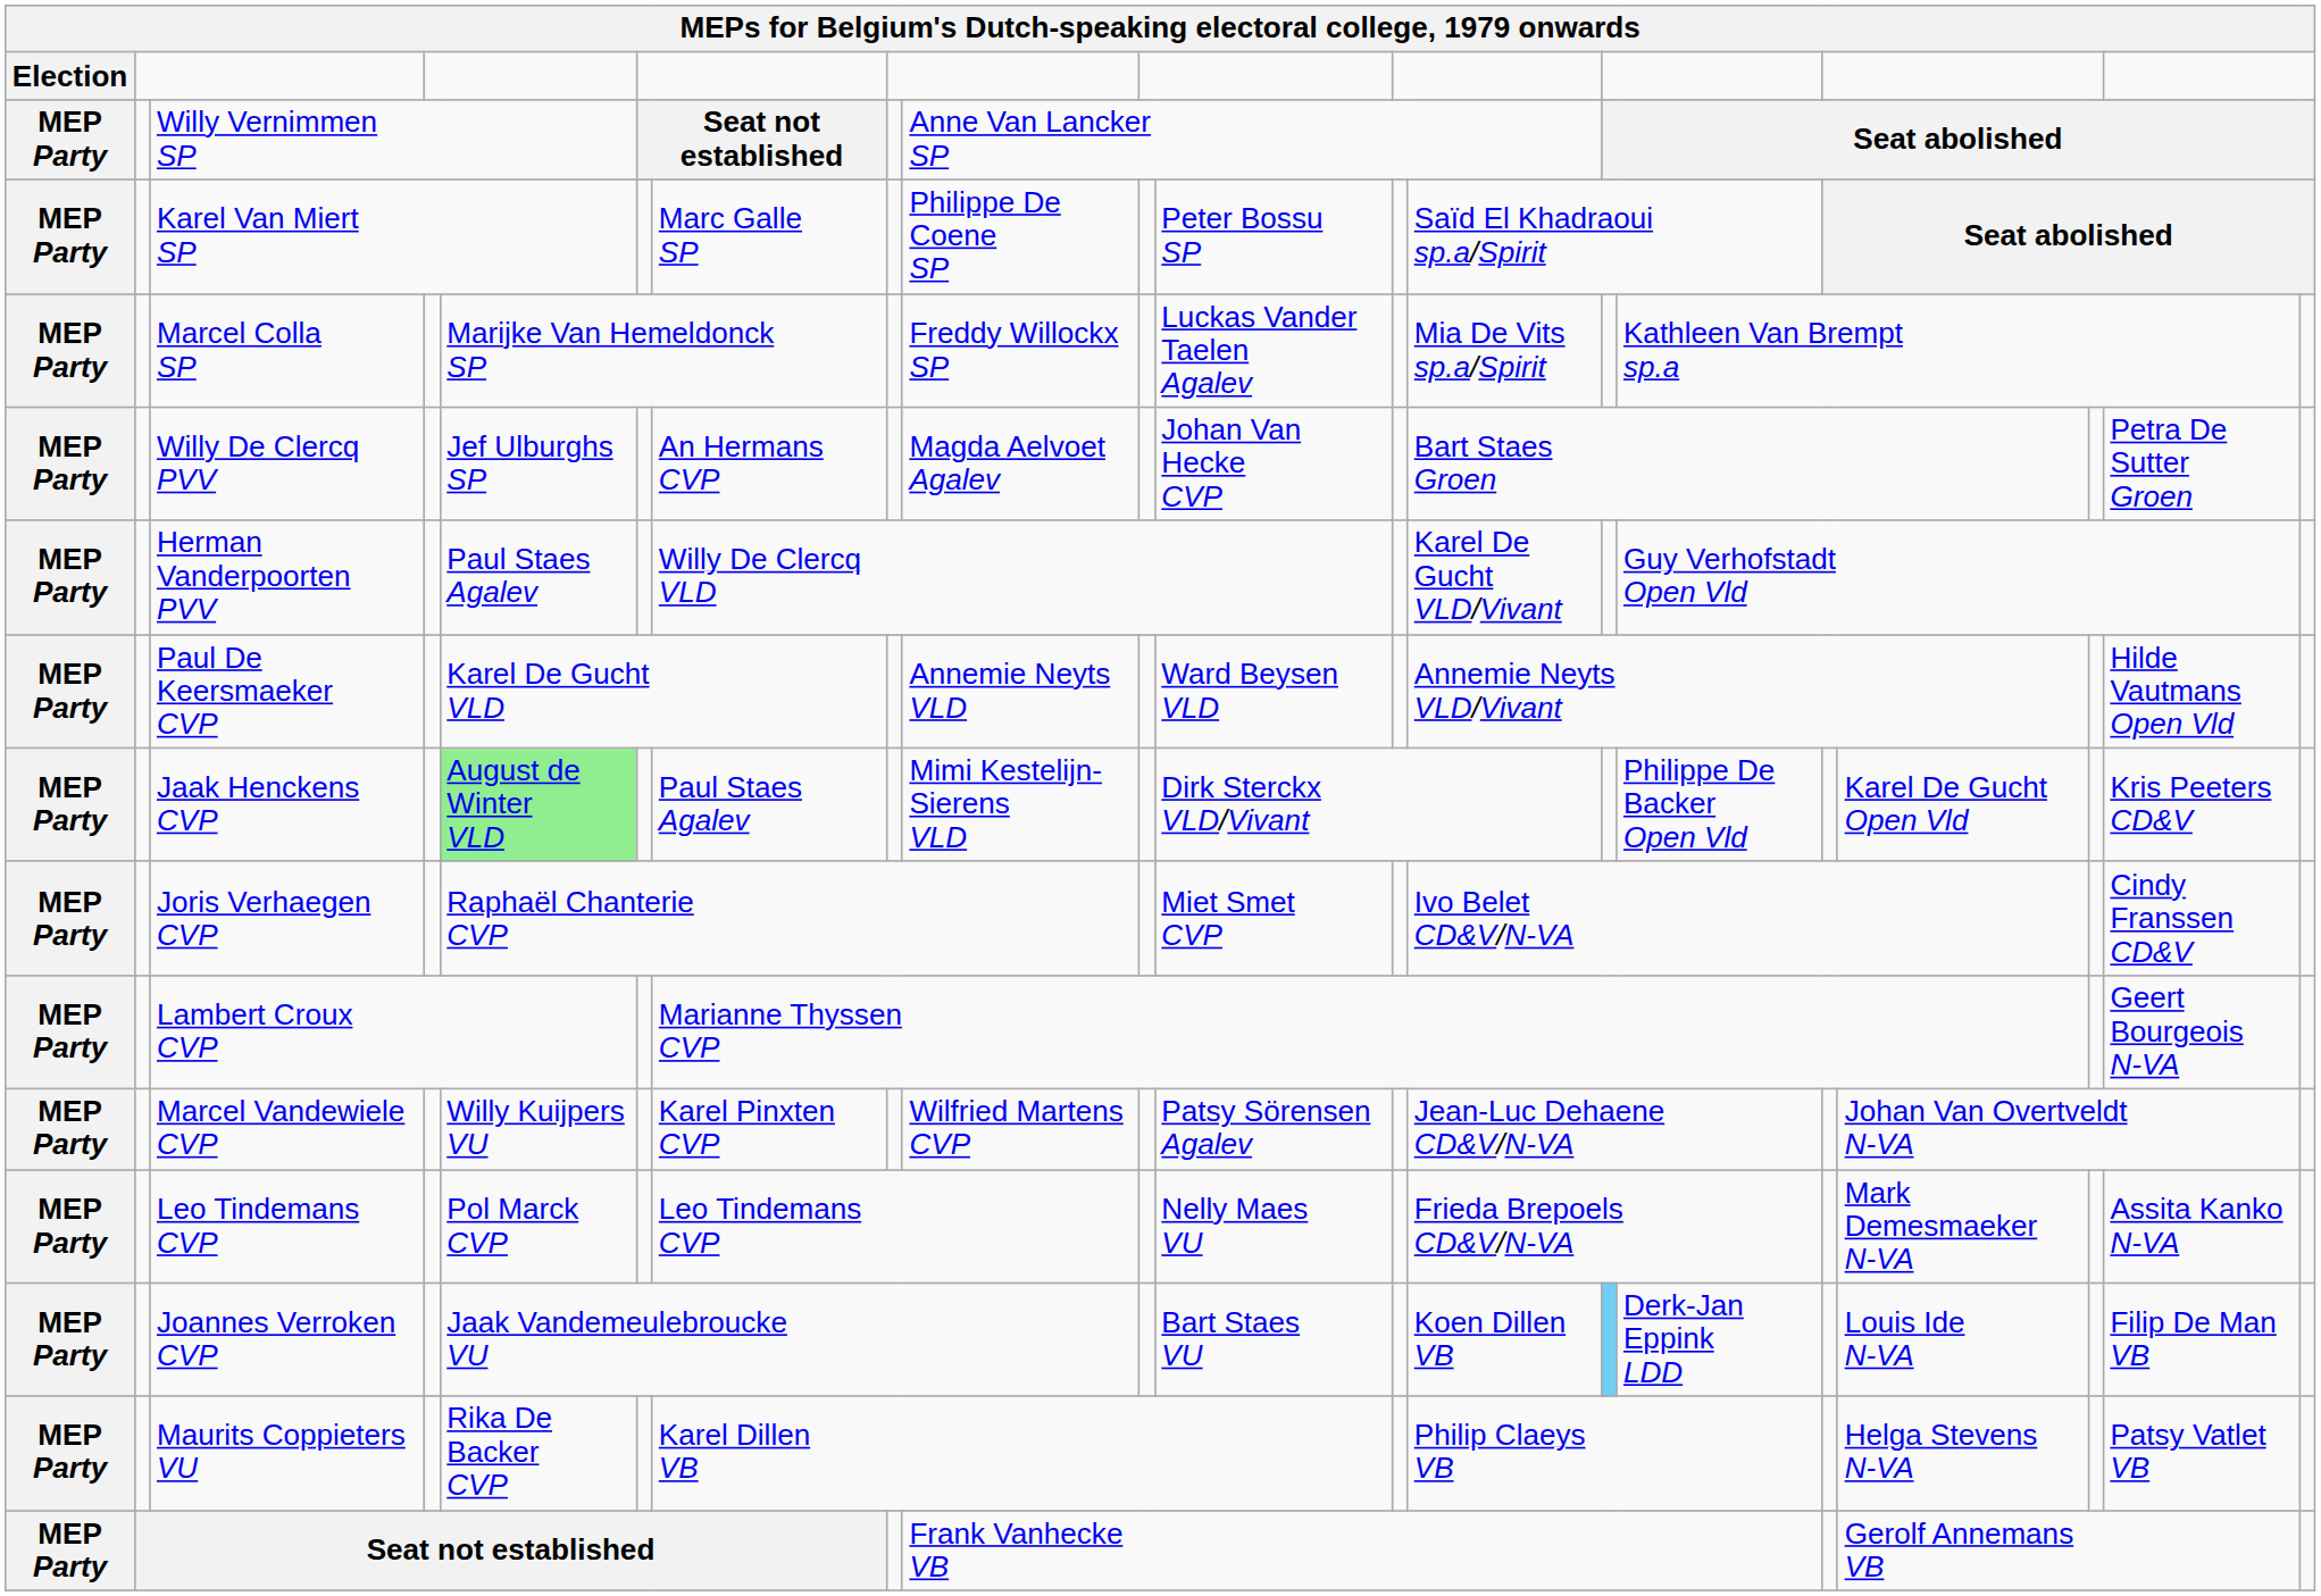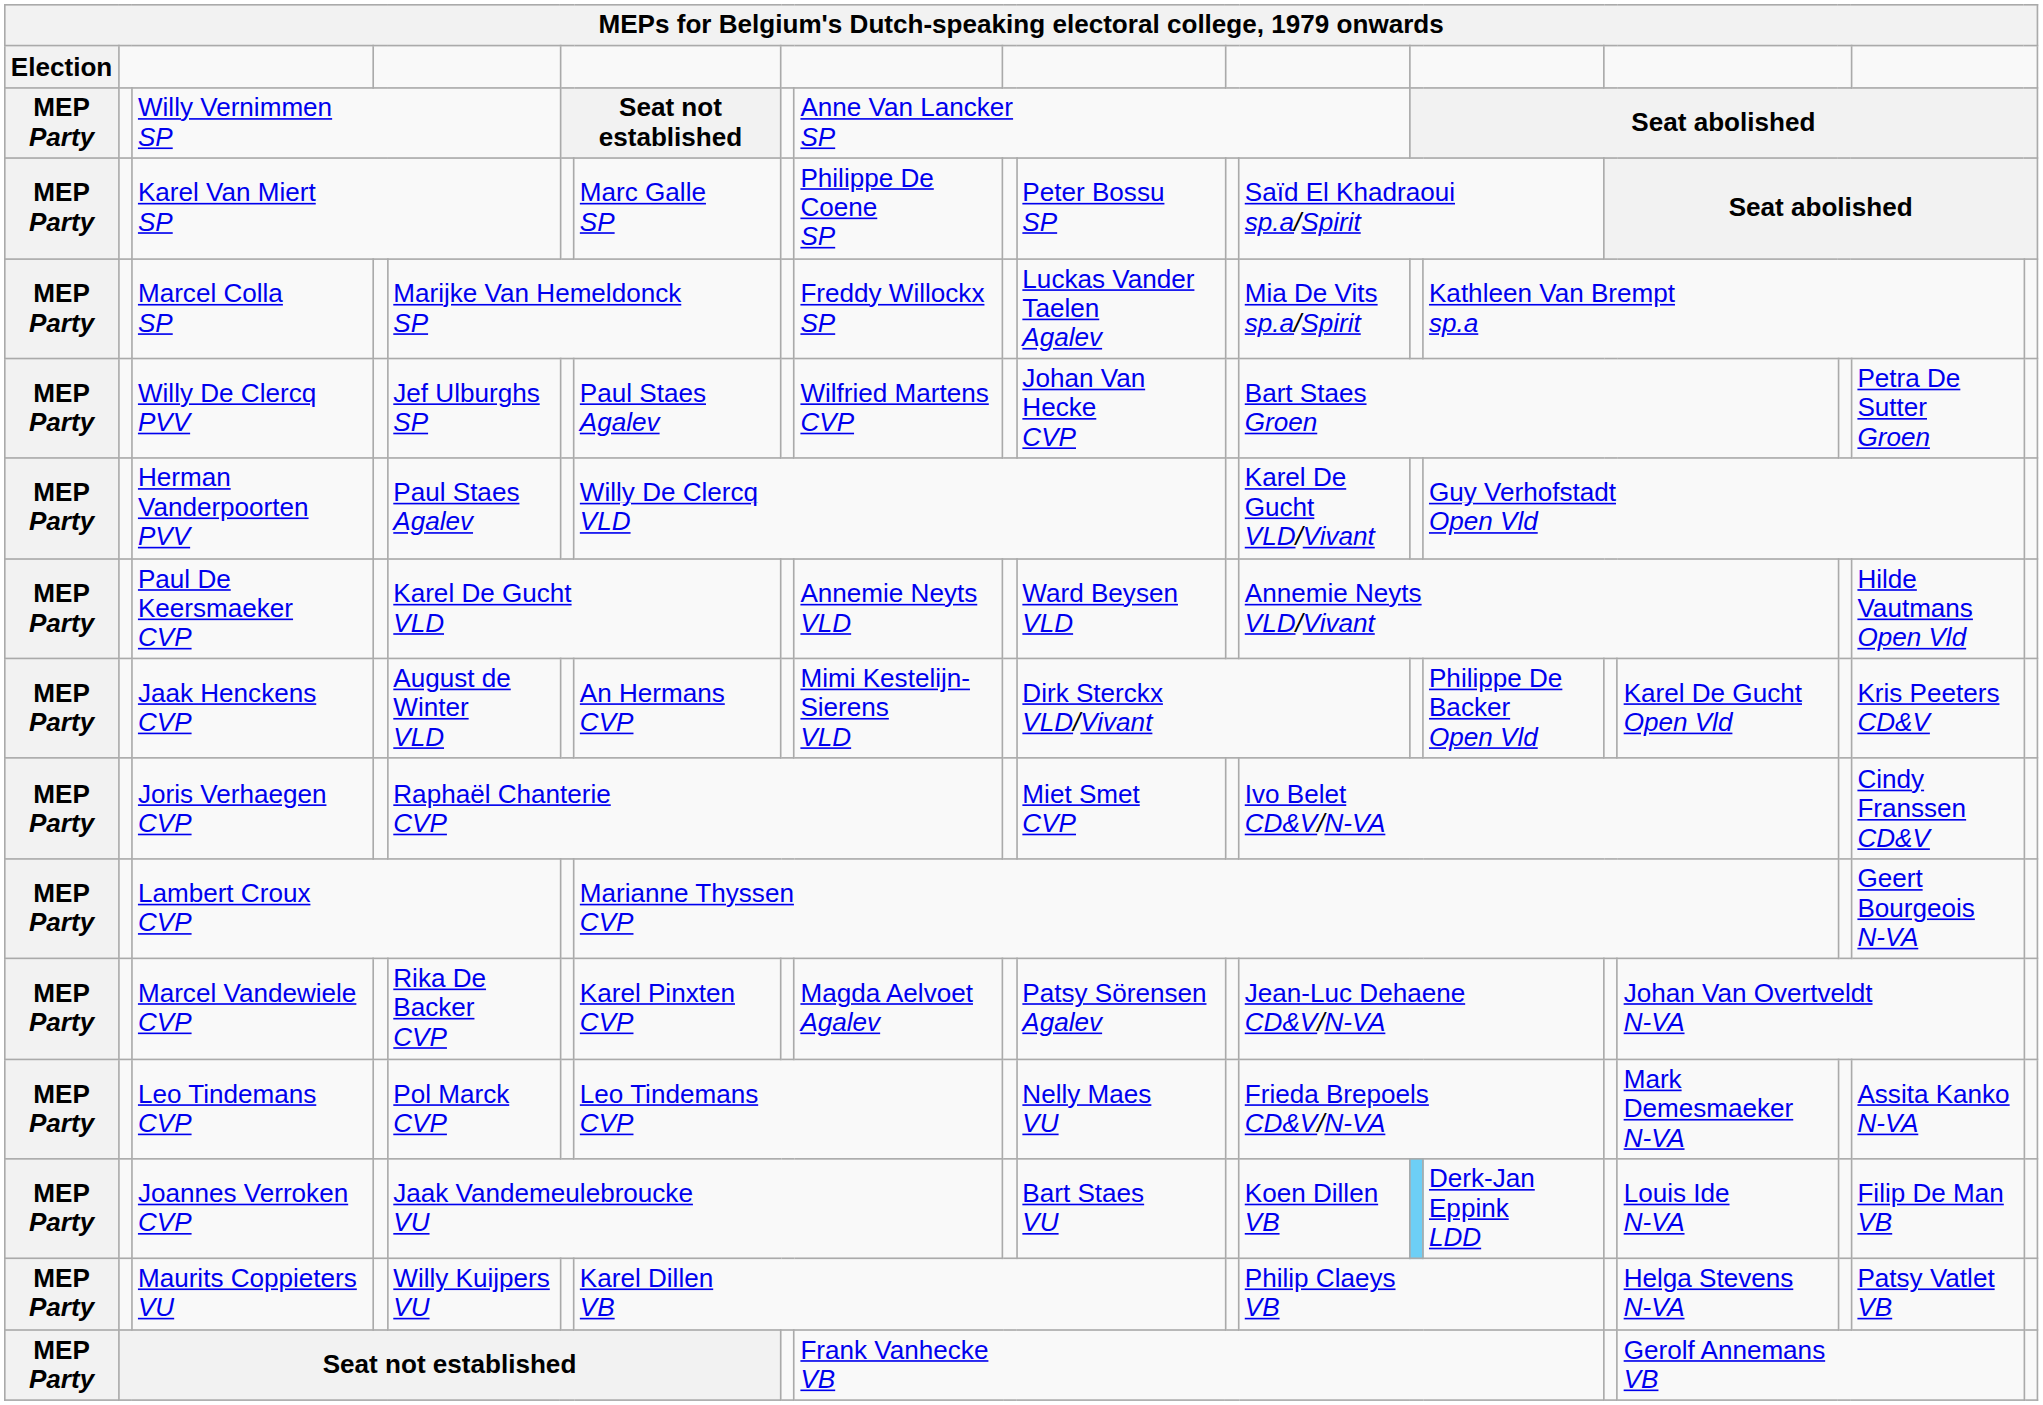 <table class="wikitable">
 <tr>
 <th colspan = 20>MEPs for Belgium's Dutch-speaking electoral college, 1979 onwards</th>
 </tr>
 <tr>
 <th>Election</th>
 <td colspan = 2></td>
 <td colspan = 2></td>
 <td colspan = 2></td>
 <td colspan = 2></td>
 <td colspan = 2></td>
 <td colspan = 2></td>
 <td colspan = 2></td>
 <td colspan = 3></td>
 <td colspan = 3></td>
 </tr>
 <tr>
 <th>MEP<br><em>Party</em></th>
 <td width=1px style="background-color: "></td>
 <td colspan = 3><a href='#'>Willy Vernimmen</a><br><em><a href='#'>SP</a></em></td>
 <th colspan = 2>Seat not established</th>
 <td width=1px style="background-color: "></td>
 <td colspan = 5><a href='#'>Anne Van Lancker</a><br><em><a href='#'>SP</a></em></td>
 <th colspan = 7>Seat abolished</th>
 </tr>
 <tr>
 <th>MEP<br><em>Party</em></th>
 <td width=1px style="background-color: "></td>
 <td colspan = 3><a href='#'>Karel Van Miert</a><br><em><a href='#'>SP</a></em></td>
 <td width=1px style="background-color: "></td>
 <td><a href='#'>Marc Galle</a><br><em><a href='#'>SP</a></em></td>
 <td width=1px style="background-color: "></td>
 <td><a href='#'>Philippe De Coene</a><br><em><a href='#'>SP</a></em></td>
 <td width=1px style="background-color: "></td>
 <td><a href='#'>Peter Bossu</a><br><em><a href='#'>SP</a></em></td>
 <td width=1px style="background-color: "></td>
 <td colspan = 3><a href='#'>Saïd El Khadraoui</a><br><em><a href='#'>sp.a</a>/<a href='#'>Spirit</a></em></td>
 <th colspan = 5>Seat abolished</th>
 </tr>
 <tr>
 <th>MEP<br><em>Party</em></th>
 <td width=1px style="background-color: "></td>
 <td><a href='#'>Marcel Colla</a><br><em><a href='#'>SP</a></em></td>
 <td width=1px style="background-color: "></td>
 <td colspan = 3><a href='#'>Marijke Van Hemeldonck</a><br><em><a href='#'>SP</a></em></td>
 <td width=1px style="background-color: "></td>
 <td><a href='#'>Freddy Willockx</a><br><em><a href='#'>SP</a></em></td>
 <td width=1px style="background-color: "></td>
 <td><a href='#'>Luckas Vander Taelen</a><br><em><a href='#'>Agalev</a></em></td>
 <td width=1px style="background-color: "></td>
 <td><a href='#'>Mia De Vits</a><br><em><a href='#'>sp.a</a>/<a href='#'>Spirit</a></em></td>
 <td width=1px style="background-color: "></td>
 <td colspan= 5><a href='#'>Kathleen Van Brempt</a><br><em><a href='#'>sp.a</a></em></td>
 <td width=1px style="background-color: "></td>
 </tr>
 <tr>
 <th>MEP<br><em>Party</em></th>
 <td width=1px style="background-color: "></td>
 <td><a href='#'>Willy De Clercq</a><br><em><a href='#'>PVV</a></em></td>
 <td width=1px style="background-color: "></td>
 <td><a href='#'>Jef Ulburghs</a><br><em><a href='#'>SP</a></em></td>
 <td width=1px style="background-color: "></td>
-<td><a href='#'>An Hermans</a><br><em><a href='#'>CVP</a></em></td>
+<td><a href='#'>Paul Staes</a><br><em><a href='#'>Agalev</a></em></td>
 <td width=1px style="background-color: "></td>
-<td><a href='#'>Magda Aelvoet</a><br><em><a href='#'>Agalev</a></em></td>
+<td><a href='#'>Wilfried Martens</a><br><em><a href='#'>CVP</a></em></td>
 <td width=1px style="background-color: "></td>
 <td><a href='#'>Johan Van Hecke</a><br><em><a href='#'>CVP</a></em></td>
 <td width=1px style="background-color: "></td>
 <td colspan = 5><a href='#'>Bart Staes</a><br><em><a href='#'>Groen</a></em></td>
 <td width=1px style="background-color: "></td>
 <td><a href='#'>Petra De Sutter</a><br><em><a href='#'>Groen</a></em></td>
 <td width=1px style="background-color: "></td>
 </tr>
 <tr>
 <th>MEP<br><em>Party</em></th>
 <td width=1px style="background-color: "></td>
 <td><a href='#'>Herman Vanderpoorten</a><br><em><a href='#'>PVV</a></em></td>
 <td width=1px style="background-color: "></td>
 <td><a href='#'>Paul Staes</a><br><em><a href='#'>Agalev</a></em></td>
 <td width=1px style="background-color: "></td>
 <td colspan= 5><a href='#'>Willy De Clercq</a><br><em><a href='#'>VLD</a></em></td>
 <td width=1px style="background-color: "></td>
 <td><a href='#'>Karel De Gucht</a><br><em><a href='#'>VLD</a>/<a href='#'>Vivant</a></em></td>
 <td width=1px style="background-color: "></td>
 <td colspan= 5><a href='#'>Guy Verhofstadt</a><br><em><a href='#'>Open Vld</a></em></td>
 <td width=1px style="background-color: "></td>
 </tr>
 <tr>
 <th>MEP<br><em>Party</em></th>
 <td width=1px style="background-color: "></td>
 <td><a href='#'>Paul De Keersmaeker</a><br><em><a href='#'>CVP</a></em></td>
 <td width=1px style="background-color: "></td>
 <td colspan = 3><a href='#'>Karel De Gucht</a><br><em><a href='#'>VLD</a></em></td>
 <td width=1px style="background-color: "></td>
 <td><a href='#'>Annemie Neyts</a><br><em><a href='#'>VLD</a></em></td>
 <td width=1px style="background-color: "></td>
 <td><a href='#'>Ward Beysen</a><br><em><a href='#'>VLD</a></em></td>
 <td width=1px style="background-color: "></td>
 <td colspan = 5><a href='#'>Annemie Neyts</a><br><em><a href='#'>VLD</a>/<a href='#'>Vivant</a></em></td>
 <td width=1px style="background-color: "></td>
 <td><a href='#'>Hilde Vautmans</a><br><em><a href='#'>Open Vld</a></em></td>
 <td width=1px style="background-color: "></td>
 </tr>
 <tr>
 <th>MEP<br><em>Party</em></th>
 <td width=1px style="background-color: "></td>
 <td><a href='#'>Jaak Henckens</a><br><em><a href='#'>CVP</a></em></td>
 <td width=1px style="background-color: "></td>
-<td style="background: lightgreen;"><a href='#'>August de Winter</a><br><em><a href='#'>VLD</a></em></td>
+<td><a href='#'>August de Winter</a><br><em><a href='#'>VLD</a></em></td>
 <td width=1px style="background-color: "></td>
-<td><a href='#'>Paul Staes</a><br><em><a href='#'>Agalev</a></em></td>
+<td><a href='#'>An Hermans</a><br><em><a href='#'>CVP</a></em></td>
 <td width=1px style="background-color: "></td>
 <td><a href='#'>Mimi Kestelijn-Sierens</a><br><em><a href='#'>VLD</a></em></td>
 <td width=1px style="background-color: "></td>
 <td colspan= 3><a href='#'>Dirk Sterckx</a><br><em><a href='#'>VLD</a>/<a href='#'>Vivant</a></em></td>
 <td width=1px style="background-color: "></td>
 <td><a href='#'>Philippe De Backer</a><br><em><a href='#'>Open Vld</a></em></td>
 <td width=1px style="background-color: "></td>
 <td><a href='#'>Karel De Gucht</a><br><em><a href='#'>Open Vld</a></em></td>
 <td width=1px style="background-color: "></td>
 <td><a href='#'>Kris Peeters</a><br><em><a href='#'>CD&V</a></em></td>
 <td width=1px style="background-color: "></td>
 </tr>
 <tr>
 <th>MEP<br><em>Party</em></th>
 <td width=1px style="background-color: "></td>
 <td><a href='#'>Joris Verhaegen</a><br><em><a href='#'>CVP</a></em></td>
 <td width=1px style="background-color: "></td>
 <td colspan = 5><a href='#'>Raphaël Chanterie</a><br><em><a href='#'>CVP</a></em></td>
 <td width=1px style="background-color: "></td>
 <td><a href='#'>Miet Smet</a><br><em><a href='#'>CVP</a></em></td>
 <td width=1px style="background-color: "></td>
 <td colspan = 5><a href='#'>Ivo Belet</a><br><em><a href='#'>CD&V</a>/<a href='#'>N-VA</a></em></td>
 <td width=1px style="background-color: "></td>
 <td><a href='#'>Cindy Franssen</a><br><em><a href='#'>CD&V</a></em></td>
 <td width=1px style="background-color: "></td>
 </tr>
 <tr>
 <th>MEP<br><em>Party</em></th>
 <td width=1px style="background-color: "></td>
 <td colspan = 3><a href='#'>Lambert Croux</a><br><em><a href='#'>CVP</a></em></td>
 <td width=1px style="background-color: "></td>
 <td colspan = 11><a href='#'>Marianne Thyssen</a><br><em><a href='#'>CVP</a></em></td>
 <td width=1px style="background-color: "></td>
 <td><a href='#'>Geert Bourgeois</a><br><em><a href='#'>N-VA</a></em></td>
 <td width=1px style="background-color: "></td>
 </tr>
 <tr>
 <th>MEP<br><em>Party</em></th>
 <td width=1px style="background-color: "></td>
 <td><a href='#'>Marcel Vandewiele</a><br><em><a href='#'>CVP</a></em></td>
 <td width=1px style="background-color: "></td>
-<td><a href='#'>Willy Kuijpers</a><br><em><a href='#'>VU</a></em></td>
+<td><a href='#'>Rika De Backer</a><br><em><a href='#'>CVP</a></em></td>
 <td width=1px style="background-color: "></td>
 <td><a href='#'>Karel Pinxten</a><br><em><a href='#'>CVP</a></em></td>
 <td width=1px style="background-color: "></td>
-<td><a href='#'>Wilfried Martens</a><br><em><a href='#'>CVP</a></em></td>
+<td><a href='#'>Magda Aelvoet</a><br><em><a href='#'>Agalev</a></em></td>
 <td width=1px style="background-color: "></td>
 <td><a href='#'>Patsy Sörensen</a><br><em><a href='#'>Agalev</a></em></td>
 <td width=1px style="background-color: "></td>
 <td colspan = 3><a href='#'>Jean-Luc Dehaene</a><br><em><a href='#'>CD&V</a>/<a href='#'>N-VA</a></em></td>
 <td width=1px style="background-color: "></td>
 <td colspan = 3><a href='#'>Johan Van Overtveldt</a><br><em><a href='#'>N-VA</a></em></td>
 <td width=1px style="background-color: "></td>
 </tr>
 <tr>
 <th>MEP<br><em>Party</em></th>
 <td width=1px style="background-color: "></td>
 <td><a href='#'>Leo Tindemans</a><br><em><a href='#'>CVP</a></em></td>
 <td width=1px style="background-color: "></td>
 <td><a href='#'>Pol Marck</a><br><em><a href='#'>CVP</a></em></td>
 <td width=1px style="background-color: "></td>
 <td colspan= 3><a href='#'>Leo Tindemans</a><br><em><a href='#'>CVP</a></em></td>
 <td width=1px style="background-color: "></td>
 <td><a href='#'>Nelly Maes</a><br><em><a href='#'>VU</a></em></td>
 <td width=1px style="background-color: "></td>
 <td colspan = 3><a href='#'>Frieda Brepoels</a><br><em><a href='#'>CD&V</a>/<a href='#'>N-VA</a></em></td>
 <td width=1px style="background-color: "></td>
 <td><a href='#'>Mark Demesmaeker</a><br><em><a href='#'>N-VA</a></em></td>
 <td width=1px style="background-color: "></td>
 <td><a href='#'>Assita Kanko</a><br><em><a href='#'>N-VA</a></em></td>
 <td width=1px style="background-color: "></td>
 </tr>
 <tr>
 <th>MEP<br><em>Party</em></th>
 <td width=1px style="background-color: "></td>
 <td><a href='#'>Joannes Verroken</a><br><em><a href='#'>CVP</a></em></td>
 <td width=1px style="background-color: "></td>
 <td colspan = 5><a href='#'>Jaak Vandemeulebroucke</a><br><em><a href='#'>VU</a></em></td>
 <td width=1px style="background-color: "></td>
 <td><a href='#'>Bart Staes</a><br><em><a href='#'>VU</a></em></td>
 <td width=1px style="background-color: "></td>
 <td><a href='#'>Koen Dillen</a><br><em><a href='#'>VB</a></em></td>
 <td width=1px style="background-color: #6DCFF6"></td>
 <td><a href='#'>Derk-Jan Eppink</a><br><em><a href='#'>LDD</a></em></td>
 <td width=1px style="background-color: "></td>
 <td><a href='#'>Louis Ide</a><br><em><a href='#'>N-VA</a></em></td>
 <td width=1px style="background-color: "></td>
 <td><a href='#'>Filip De Man</a><br><em><a href='#'>VB</a></em></td>
 <td width=1px style="background-color: "></td>
 </tr>
 <tr>
 <th>MEP<br><em>Party</em></th>
 <td width=1px style="background-color: "></td>
 <td><a href='#'>Maurits Coppieters</a><br><em><a href='#'>VU</a></em></td>
 <td width=1px style="background-color: "></td>
-<td><a href='#'>Rika De Backer</a><br><em><a href='#'>CVP</a></em></td>
+<td><a href='#'>Willy Kuijpers</a><br><em><a href='#'>VU</a></em></td>
 <td width=1px style="background-color: "></td>
 <td colspan = 5><a href='#'>Karel Dillen</a><br><em><a href='#'>VB</a></em></td>
 <td width=1px style="background-color: "></td>
 <td colspan = 3><a href='#'>Philip Claeys</a><br><em><a href='#'>VB</a></em></td>
 <td width=1px style="background-color: "></td>
 <td><a href='#'>Helga Stevens</a><br><em><a href='#'>N-VA</a></em></td>
 <td width=1px style="background-color: "></td>
 <td><a href='#'>Patsy Vatlet</a><br><em><a href='#'>VB</a></em></td>
 <td width=1px style="background-color: "></td>
 </tr>
 <tr>
 <th>MEP<br><em>Party</em></th>
 <th colspan = 6>Seat not established</th>
 <td width=1px style="background-color: "></td>
 <td colspan = 7><a href='#'>Frank Vanhecke</a><br><em><a href='#'>VB</a></em></td>
 <td width=1px style="background-color: "></td>
 <td colspan = 3><a href='#'>Gerolf Annemans</a><br><em><a href='#'>VB</a></em></td>
 <td width=1px style="background-color: "></td>
 </tr>
 </table>
